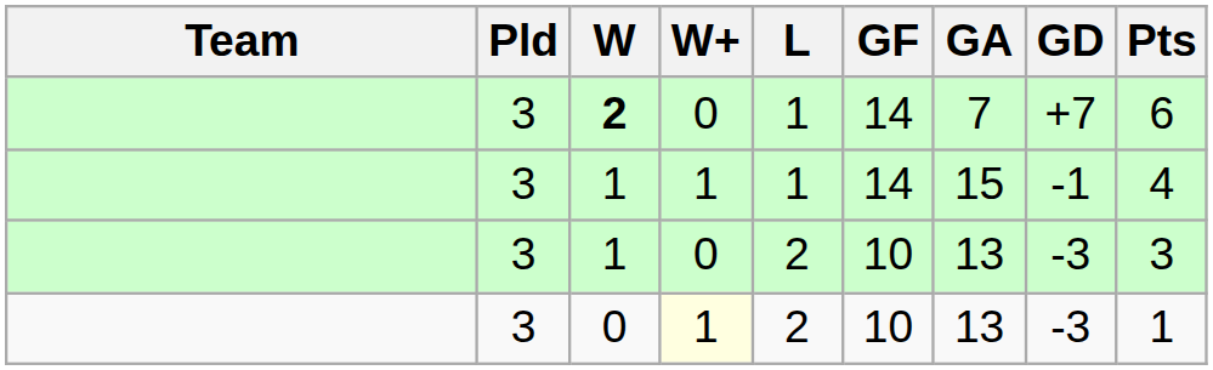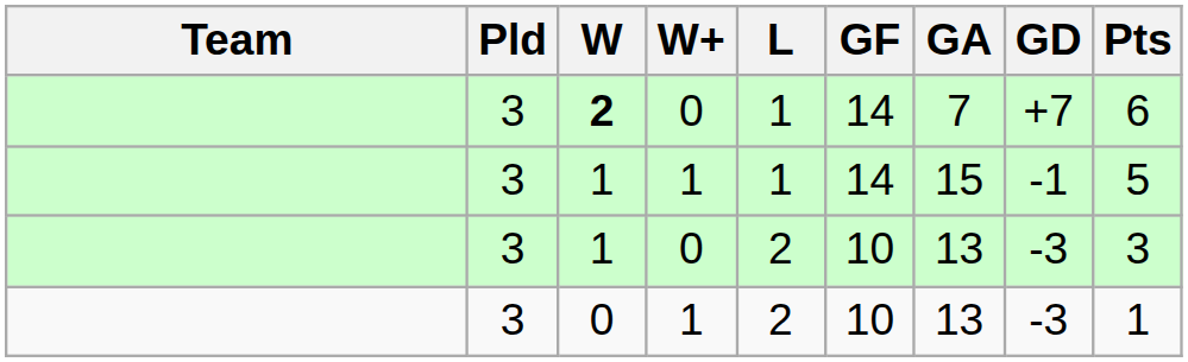 <table class="wikitable" style="text-align:center;">
 <tr>
 <th width=160>Team</th>
 <th width=25>Pld</th>
 <th width=25>W</th>
 <th width=25>W+</th>
 <th width=25>L</th>
 <th width=25>GF</th>
 <th width=25>GA</th>
 <th width=25>GD</th>
 <th width=25>Pts</th>
 </tr>
 <tr style="background:#ccffcc;">
 <td align=left></td>
 <td>3</td>
 <td><strong>2</strong></td>
 <td>0</td>
 <td>1</td>
 <td>14</td>
 <td>7</td>
 <td>+7</td>
 <td>6</td>
 </tr>
 <tr style="background:#ccffcc;">
 <td align=left></td>
 <td>3</td>
 <td>1</td>
 <td>1</td>
 <td>1</td>
 <td>14</td>
 <td>15</td>
 <td>-1</td>
-<td>4</td>
+<td>5</td>
 </tr>
 <tr style="background:#ccffcc;">
 <td align=left></td>
 <td>3</td>
 <td>1</td>
 <td>0</td>
 <td>2</td>
 <td>10</td>
 <td>13</td>
 <td>-3</td>
 <td>3</td>
 </tr>
 <tr>
 <td align=left></td>
 <td>3</td>
 <td>0</td>
-<td style="background: lightyellow;">1</td>
+<td>1</td>
 <td>2</td>
 <td>10</td>
 <td>13</td>
 <td>-3</td>
 <td>1</td>
 </tr>
 </table>
